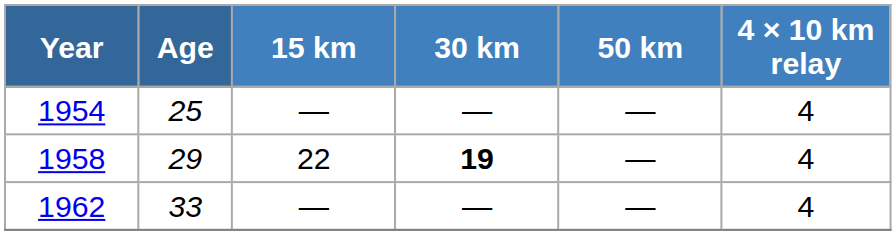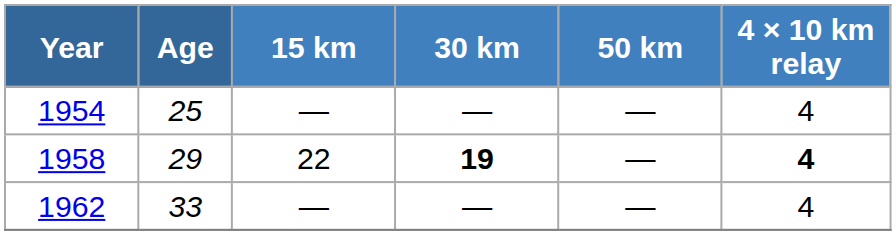 <table class="wikitable" style="font-size:95%; text-align:center; border:grey solid 1px; border-collapse:collapse; background:#ffffff;">
 <tr>
 <th style="background-color:#369; color:white; width:60px;"> Year </th>
 <th style="background-color:#369; color:white; width:40px;"> Age </th>
 <th style="background-color:#4180be; color:white; width:75px;"> 15 km </th>
 <th style="background-color:#4180be; color:white; width:75px;"> 30 km </th>
 <th style="background-color:#4180be; color:white; width:75px;"> 50 km </th>
 <th style="background-color:#4180be; color:white; width:75px;"> 4 × 10 km <br> relay </th>
 </tr>
 <tr>
 <td><a href='#'>1954</a></td>
 <td><em>25</em></td>
 <td>—</td>
 <td>—</td>
 <td>—</td>
 <td>4</td>
 </tr>
 <tr>
 <td><a href='#'>1958</a></td>
 <td><em>29</em></td>
 <td>22</td>
 <td><strong>19</strong></td>
 <td>—</td>
-<td>4</td>
+<td><strong>4</strong></td>
 </tr>
 <tr>
 <td><a href='#'>1962</a></td>
 <td><em>33</em></td>
 <td>—</td>
 <td>—</td>
 <td>—</td>
 <td>4</td>
 </tr>
 <tr>
 </tr>
 </table>
